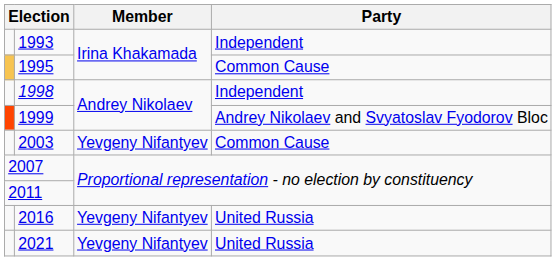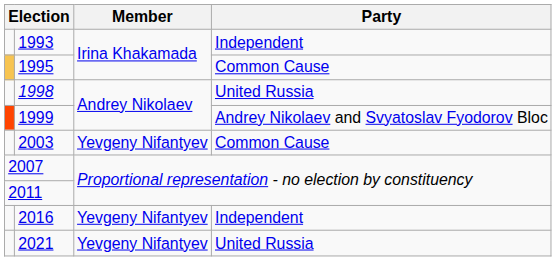 <table class="wikitable">
 <tr>
 <th colspan="2">Election</th>
 <th>Member</th>
 <th>Party</th>
 </tr>
 <tr>
 <td style="background-color:"></td>
 <td><a href='#'>1993</a></td>
 <td rowspan=2><a href='#'>Irina Khakamada</a></td>
 <td><a href='#'>Independent</a></td>
 </tr>
 <tr>
 <td style="background-color:#F7C451"></td>
 <td><a href='#'>1995</a></td>
 <td><a href='#'>Common Cause</a></td>
 </tr>
 <tr>
 <td style="background-color:"></td>
 <td><em><a href='#'>1998</a></em></td>
 <td rowspan=2><a href='#'>Andrey Nikolaev</a></td>
-<td><a href='#'>Independent</a></td>
+<td><a href='#'>United Russia</a></td>
 </tr>
 <tr>
 <td style="background-color:#FF4400"></td>
 <td><a href='#'>1999</a></td>
 <td><a href='#'>Andrey Nikolaev</a> and <a href='#'>Svyatoslav Fyodorov</a> Bloc</td>
 </tr>
 <tr>
 <td style="background-color:"></td>
 <td><a href='#'>2003</a></td>
 <td><a href='#'>Yevgeny Nifantyev</a></td>
 <td><a href='#'>Common Cause</a></td>
 </tr>
 <tr>
 <td colspan=2><a href='#'>2007</a></td>
 <td colspan=2 rowspan=2><em><a href='#'>Proportional representation</a> - no election by constituency</em></td>
 </tr>
 <tr>
 <td colspan=2><a href='#'>2011</a></td>
 </tr>
 <tr>
 <td style="background-color:"></td>
 <td><a href='#'>2016</a></td>
 <td><a href='#'>Yevgeny Nifantyev</a></td>
-<td><a href='#'>United Russia</a></td>
+<td><a href='#'>Independent</a></td>
 </tr>
 <tr>
 <td style="background-color:"></td>
 <td><a href='#'>2021</a></td>
 <td><a href='#'>Yevgeny Nifantyev</a></td>
 <td><a href='#'>United Russia</a></td>
 </tr>
 </table>
